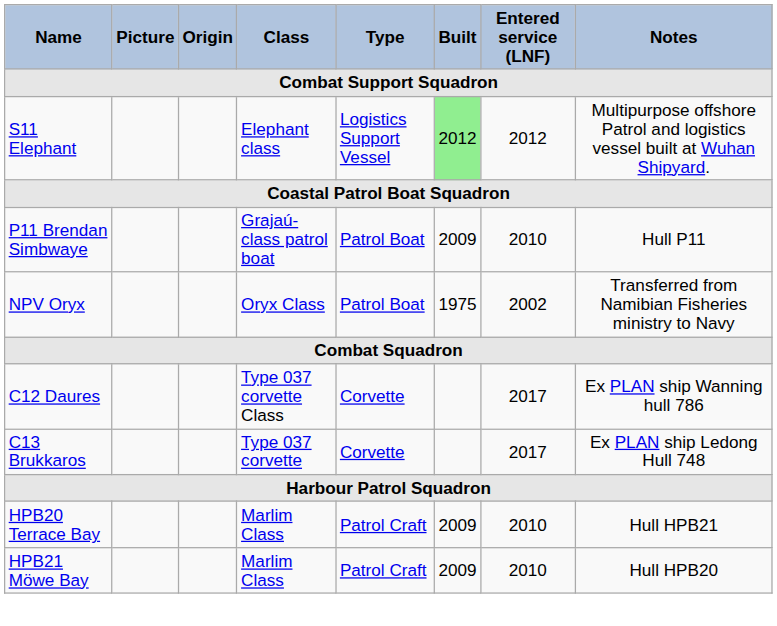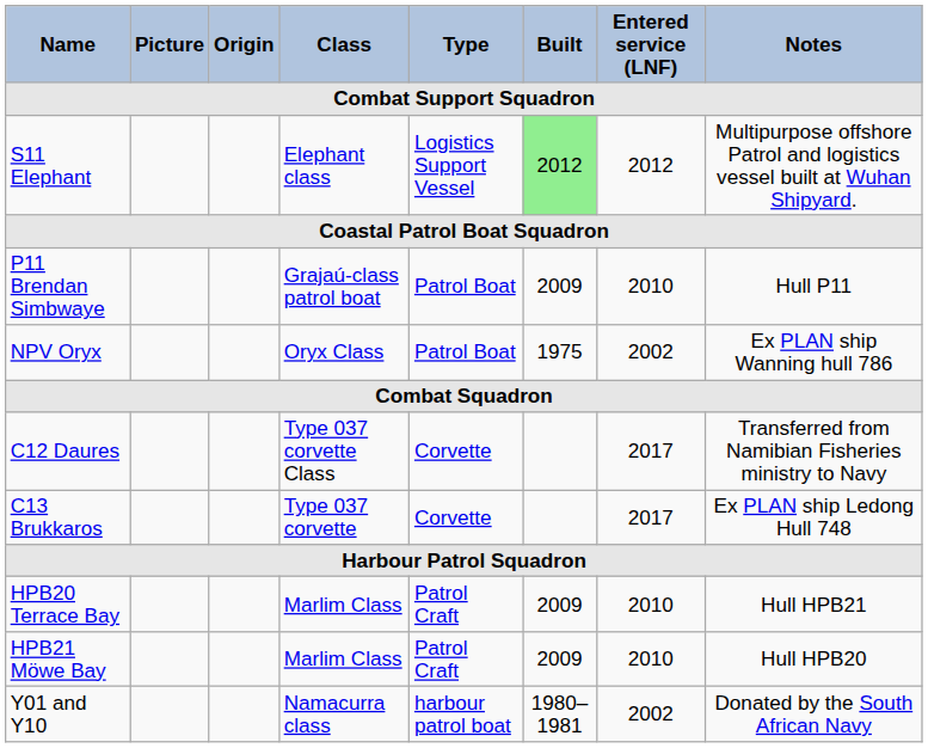 <table class="wikitable unsortable" style="font-size:85%">
 <tr>
 <th style="text-align:center;background:lightsteelblue;">Name</th>
 <th style="text-align:center;background:lightsteelblue;">Picture</th>
 <th style="text-align:center;background:lightsteelblue;">Origin</th>
 <th style="text-align:center;background:lightsteelblue;">Class</th>
 <th style="text-align:center;background:lightsteelblue;">Type</th>
 <th style="text-align:center;background:lightsteelblue;">Built</th>
 <th style="text-align:center;background:lightsteelblue;">Entered service (LNF)</th>
 <th style="text-align:center;background:lightsteelblue;">Notes</th>
 </tr>
 <tr>
 <th style="align:center;background:#E6E6E6;" colspan="8"><strong>Combat Support Squadron</strong></th>
 </tr>
 <tr>
 <td><a href='#'>S11 Elephant</a></td>
 <td></td>
 <td></td>
 <td><a href='#'>Elephant class</a></td>
 <td><a href='#'>Logistics Support Vessel</a></td>
 <td style="background: lightgreen; text-align:center;">2012</td>
 <td style="text-align:center;">2012</td>
 <td style="text-align:center;">Multipurpose offshore Patrol and logistics vessel built at <a href='#'>Wuhan Shipyard</a>.</td>
 </tr>
 <tr>
 <th style="align:center;background:#E6E6E6;" colspan="8"><strong>Coastal Patrol Boat Squadron</strong></th>
 </tr>
 <tr>
 <td><a href='#'>P11 Brendan Simbwaye</a></td>
 <td></td>
 <td></td>
 <td><a href='#'>Grajaú-class patrol boat</a></td>
 <td><a href='#'>Patrol Boat</a></td>
 <td style="text-align:center;">2009</td>
 <td style="text-align:center;">2010</td>
 <td style="text-align:center;">Hull P11</td>
 </tr>
 <tr>
 <td><a href='#'>NPV Oryx</a></td>
 <td></td>
 <td></td>
 <td><a href='#'>Oryx Class</a></td>
 <td><a href='#'>Patrol Boat</a></td>
 <td style="text-align:center;">1975</td>
 <td style="text-align:center;">2002</td>
-<td style="text-align:center;">Transferred from Namibian Fisheries ministry to Navy</td>
+<td style="text-align:center;">Ex <a href='#'>PLAN</a> ship Wanning hull 786</td>
 </tr>
 <tr>
 <th style="align:center;background:#E6E6E6;" colspan="8"><strong>Combat Squadron</strong></th>
 </tr>
 <tr>
 <td><a href='#'>C12 Daures</a></td>
 <td></td>
 <td></td>
 <td><a href='#'>Type 037 corvette</a> Class </td>
 <td><a href='#'>Corvette</a></td>
 <td style="text-align:center;"></td>
 <td style="text-align:center;">2017</td>
-<td style="text-align:center;">Ex <a href='#'>PLAN</a> ship Wanning hull 786</td>
+<td style="text-align:center;">Transferred from Namibian Fisheries ministry to Navy</td>
 </tr>
 <tr>
 <td><a href='#'>C13 Brukkaros</a></td>
 <td></td>
 <td></td>
 <td><a href='#'>Type 037 corvette</a></td>
 <td><a href='#'>Corvette</a></td>
 <td style="text-align:center;"></td>
 <td style="text-align:center;">2017</td>
 <td style="text-align:center;">Ex <a href='#'>PLAN</a> ship Ledong Hull 748</td>
 </tr>
 <tr>
 <th style="align:center;background:#E6E6E6;" colspan="8"><strong>Harbour Patrol Squadron</strong></th>
 </tr>
 <tr>
 <td><a href='#'>HPB20 Terrace Bay</a></td>
 <td></td>
 <td></td>
 <td><a href='#'>Marlim Class</a></td>
 <td><a href='#'>Patrol Craft</a></td>
 <td style="text-align:center;">2009</td>
 <td style="text-align:center;">2010</td>
 <td style="text-align:center;">Hull HPB21</td>
 </tr>
 <tr>
 <td><a href='#'>HPB21 Möwe Bay</a></td>
 <td></td>
 <td></td>
 <td><a href='#'>Marlim Class</a></td>
 <td><a href='#'>Patrol Craft</a></td>
 <td style="text-align:center;">2009</td>
 <td style="text-align:center;">2010</td>
 <td style="text-align:center;">Hull HPB20</td>
 </tr>
+<tr>
+<td>Y01 and Y10</td>
+<td></td>
+<td></td>
+<td><a href='#'>Namacurra class</a></td>
+<td><a href='#'>harbour patrol boat</a></td>
+<td style="text-align:center;">1980–1981</td>
+<td style="text-align:center;">2002</td>
+<td style="text-align:center;">Donated by the <a href='#'>South African Navy</a></td>
+</tr>
 </table>
